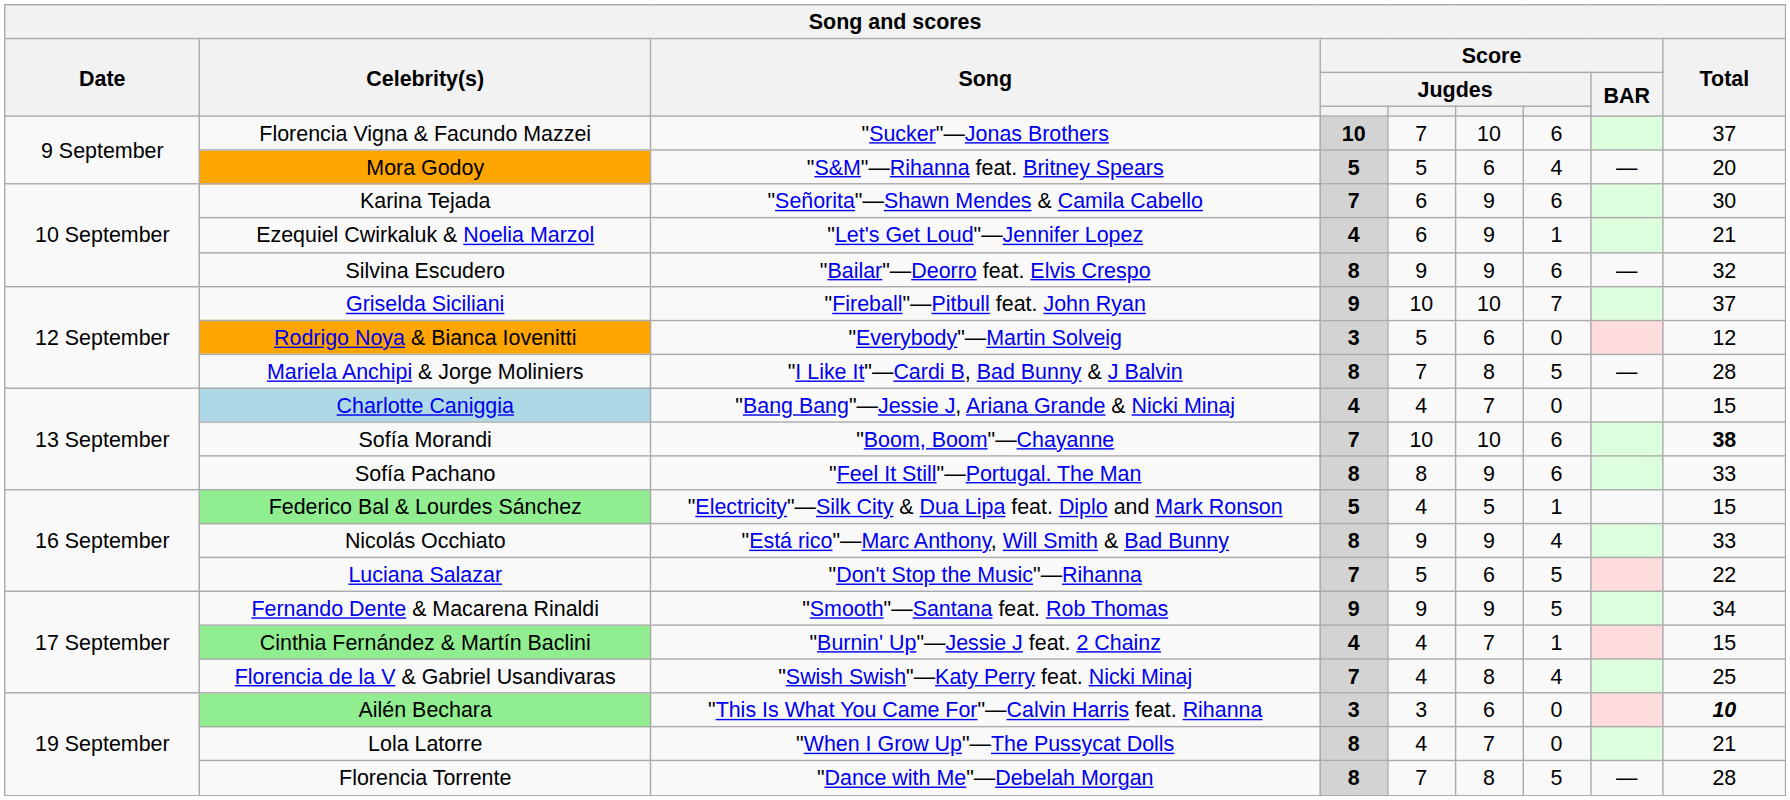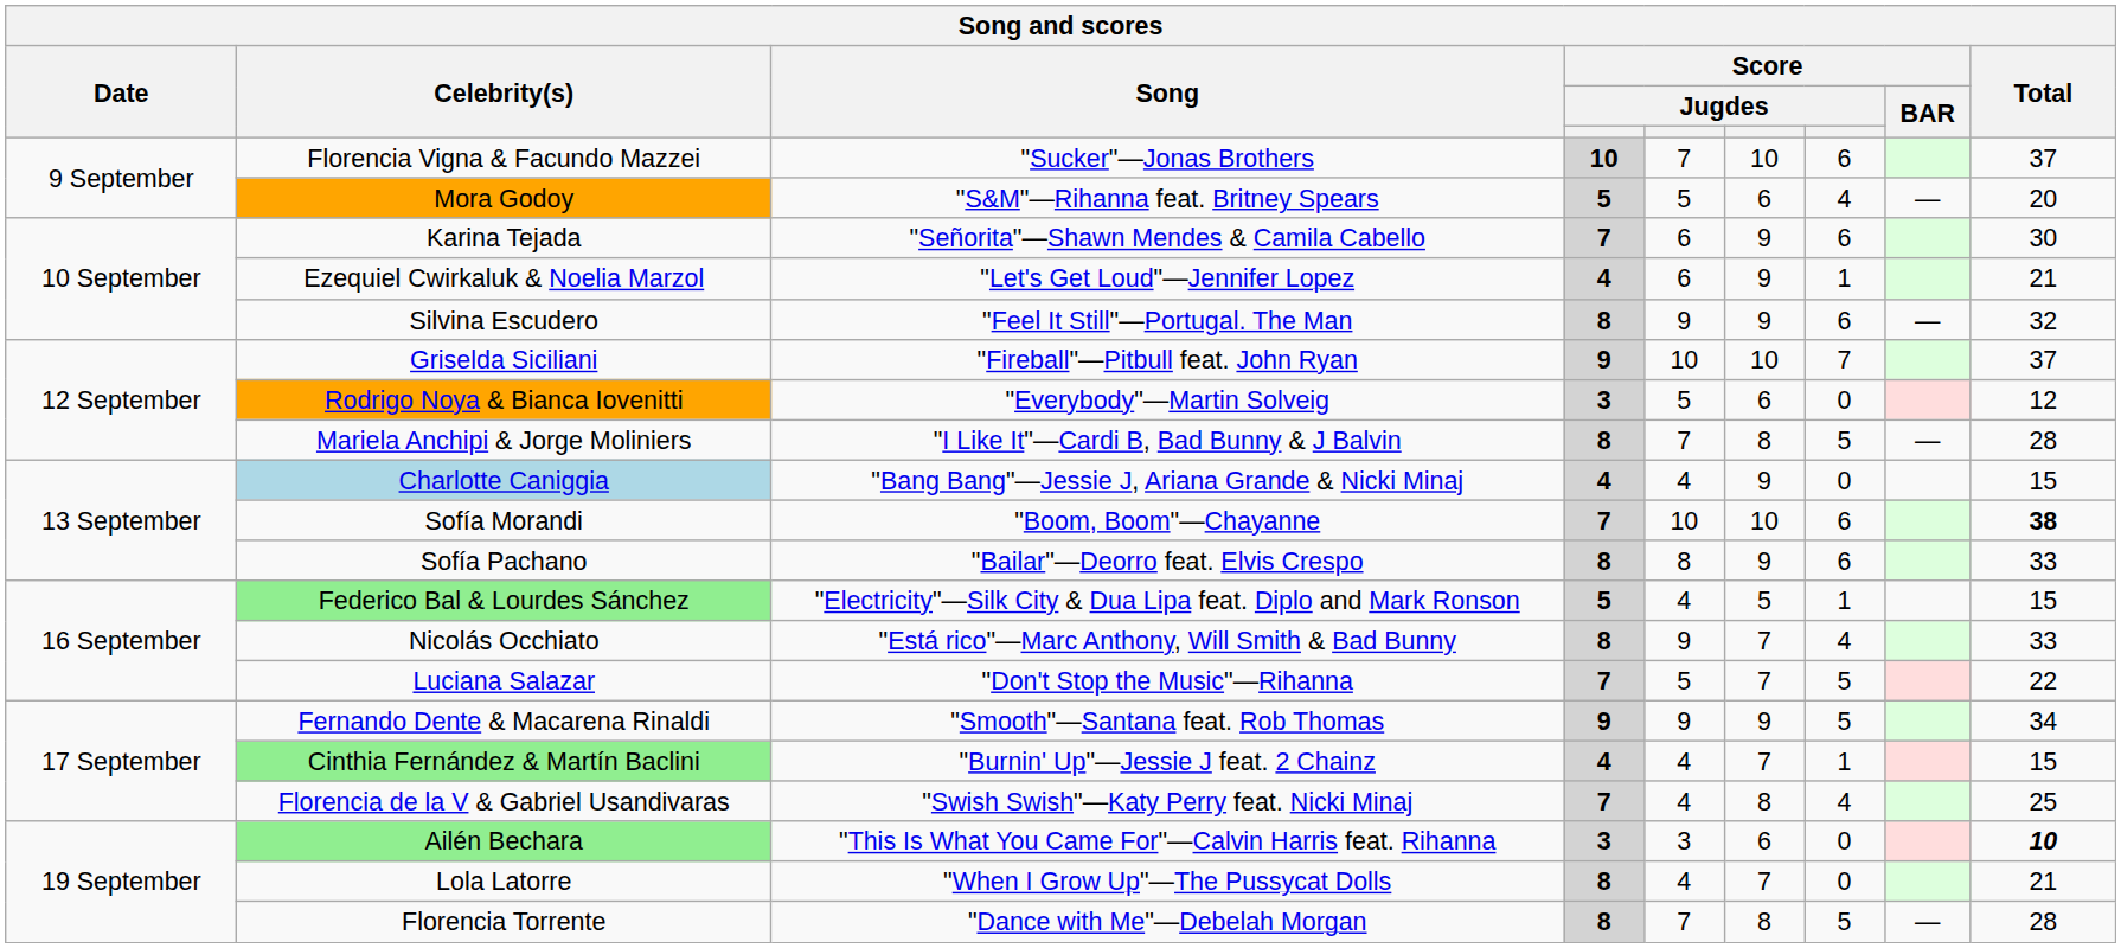 <table class="wikitable collapsible collapsed" style="font-size:95%; text-align: center; width: 100%;">
 <tr>
 <th colspan="11" style="with: 100%;" align=center>Song and scores</th>
 </tr>
 <tr>
 <th rowspan="3" width=100>Date</th>
 <th rowspan="3" width=240>Celebrity(s)</th>
 <th rowspan="3" width=360>Song</th>
 <th colspan="5">Score</th>
 <th rowspan="3" width=60>Total</th>
 </tr>
 <tr>
 <th colspan="4">Jugdes</th>
 <th rowspan="2" width=30>BAR<br></th>
 </tr>
 <tr>
 <th width=30></th>
 <th width=30></th>
 <th width=30></th>
 <th width=30></th>
 </tr>
 <tr>
 <td rowspan="2">9 September</td>
 <td bgcolor="">Florencia Vigna & Facundo Mazzei</td>
 <td>"<a href='#'>Sucker</a>"—<a href='#'>Jonas Brothers</a></td>
 <td bgcolor="lightgrey"><strong>10</strong></td>
 <td>7</td>
 <td>10</td>
 <td>6</td>
 <td bgcolor="#ddffdd"></td>
 <td>37</td>
 </tr>
 <tr>
 <td bgcolor="orange">Mora Godoy</td>
 <td>"<a href='#'>S&M</a>"—<a href='#'>Rihanna</a> feat. <a href='#'>Britney Spears</a></td>
 <td bgcolor="lightgrey"><strong>5</strong></td>
 <td>5</td>
 <td>6</td>
 <td>4</td>
 <td>—</td>
 <td>20</td>
 </tr>
 <tr>
 <td rowspan="3">10 September</td>
 <td bgcolor="">Karina Tejada</td>
 <td>"<a href='#'>Señorita</a>"—<a href='#'>Shawn Mendes</a> & <a href='#'>Camila Cabello</a></td>
 <td bgcolor="lightgrey"><strong>7</strong></td>
 <td>6</td>
 <td>9</td>
 <td>6</td>
 <td bgcolor="#ddffdd"></td>
 <td>30</td>
 </tr>
 <tr>
 <td bgcolor="">Ezequiel Cwirkaluk & <a href='#'>Noelia Marzol</a></td>
 <td>"<a href='#'>Let's Get Loud</a>"—<a href='#'>Jennifer Lopez</a></td>
 <td bgcolor="lightgrey"><strong>4</strong></td>
 <td>6</td>
 <td>9</td>
 <td>1</td>
 <td bgcolor="#ddffdd"></td>
 <td>21</td>
 </tr>
 <tr>
 <td bgcolor="">Silvina Escudero</td>
-<td>"<a href='#'>Bailar</a>"—<a href='#'>Deorro</a> feat. <a href='#'>Elvis Crespo</a></td>
+<td>"<a href='#'>Feel It Still</a>"—<a href='#'>Portugal. The Man</a></td>
 <td bgcolor="lightgrey"><strong>8</strong></td>
 <td>9</td>
 <td>9</td>
 <td>6</td>
 <td>—</td>
 <td>32</td>
 </tr>
 <tr>
 <td rowspan="3">12 September</td>
 <td bgcolor=""><a href='#'>Griselda Siciliani</a></td>
 <td>"<a href='#'>Fireball</a>"—<a href='#'>Pitbull</a> feat. <a href='#'>John Ryan</a></td>
 <td bgcolor="lightgrey"><strong>9</strong></td>
 <td>10</td>
 <td>10</td>
 <td>7</td>
 <td bgcolor="#ddffdd"></td>
 <td>37</td>
 </tr>
 <tr>
 <td bgcolor="orange"><a href='#'>Rodrigo Noya</a> & Bianca Iovenitti</td>
 <td>"<a href='#'>Everybody</a>"—<a href='#'>Martin Solveig</a></td>
 <td bgcolor="lightgrey"><strong>3</strong></td>
 <td>5</td>
 <td>6</td>
 <td>0</td>
 <td bgcolor="#ffdddd"></td>
 <td>12</td>
 </tr>
 <tr>
 <td bgcolor=""><a href='#'>Mariela Anchipi</a> & Jorge Moliniers</td>
 <td>"<a href='#'>I Like It</a>"—<a href='#'>Cardi B</a>, <a href='#'>Bad Bunny</a> & <a href='#'>J Balvin</a></td>
 <td bgcolor="lightgrey"><strong>8</strong></td>
 <td>7</td>
 <td>8</td>
 <td>5</td>
 <td>—</td>
 <td>28</td>
 </tr>
 <tr>
 <td rowspan="3">13 September</td>
 <td bgcolor="lightblue"><a href='#'>Charlotte Caniggia</a></td>
 <td>"<a href='#'>Bang Bang</a>"—<a href='#'>Jessie J</a>, <a href='#'>Ariana Grande</a> & <a href='#'>Nicki Minaj</a></td>
 <td bgcolor="lightgrey"><strong>4</strong></td>
 <td>4</td>
-<td>7</td>
+<td>9</td>
 <td>0</td>
 <td></td>
 <td>15</td>
 </tr>
 <tr>
 <td bgcolor="">Sofía Morandi</td>
 <td>"<a href='#'>Boom, Boom</a>"—<a href='#'>Chayanne</a></td>
 <td bgcolor="lightgrey"><strong>7</strong></td>
 <td>10</td>
 <td>10</td>
 <td>6</td>
 <td bgcolor="#ddffdd"></td>
 <td><span><strong>38</strong></span></td>
 </tr>
 <tr>
 <td bgcolor="">Sofía Pachano</td>
-<td>"<a href='#'>Feel It Still</a>"—<a href='#'>Portugal. The Man</a></td>
+<td>"<a href='#'>Bailar</a>"—<a href='#'>Deorro</a> feat. <a href='#'>Elvis Crespo</a></td>
 <td bgcolor="lightgrey"><strong>8</strong></td>
 <td>8</td>
 <td>9</td>
 <td>6</td>
 <td bgcolor="#ddffdd"></td>
 <td>33</td>
 </tr>
 <tr>
 <td rowspan="3">16 September</td>
 <td bgcolor="lightgreen">Federico Bal & Lourdes Sánchez</td>
 <td>"<a href='#'>Electricity</a>"—<a href='#'>Silk City</a> & <a href='#'>Dua Lipa</a> feat. <a href='#'>Diplo</a> and <a href='#'>Mark Ronson</a></td>
 <td bgcolor="lightgrey"><strong>5</strong></td>
 <td>4</td>
 <td>5</td>
 <td>1</td>
 <td></td>
 <td>15</td>
 </tr>
 <tr>
 <td bgcolor="">Nicolás Occhiato</td>
 <td>"<a href='#'>Está rico</a>"—<a href='#'>Marc Anthony</a>, <a href='#'>Will Smith</a> & <a href='#'>Bad Bunny</a></td>
 <td bgcolor="lightgrey"><strong>8</strong></td>
 <td>9</td>
-<td>9</td>
+<td>7</td>
 <td>4</td>
 <td bgcolor="#ddffdd"></td>
 <td>33</td>
 </tr>
 <tr>
 <td bgcolor=""><a href='#'>Luciana Salazar</a></td>
 <td>"<a href='#'>Don't Stop the Music</a>"—<a href='#'>Rihanna</a></td>
 <td bgcolor="lightgrey"><strong>7</strong></td>
 <td>5</td>
-<td>6</td>
+<td>7</td>
 <td>5</td>
 <td bgcolor="#ffdddd"></td>
 <td>22</td>
 </tr>
 <tr>
 <td rowspan="3">17 September</td>
 <td bgcolor=""><a href='#'>Fernando Dente</a> & Macarena Rinaldi</td>
 <td>"<a href='#'>Smooth</a>"—<a href='#'>Santana</a> feat. <a href='#'>Rob Thomas</a></td>
 <td bgcolor="lightgrey"><strong>9</strong></td>
 <td>9</td>
 <td>9</td>
 <td>5</td>
 <td bgcolor="#ddffdd"></td>
 <td>34</td>
 </tr>
 <tr>
 <td bgcolor="lightgreen">Cinthia Fernández & Martín Baclini</td>
 <td>"<a href='#'>Burnin' Up</a>"—<a href='#'>Jessie J</a> feat. <a href='#'>2 Chainz</a></td>
 <td bgcolor="lightgrey"><strong>4</strong></td>
 <td>4</td>
 <td>7</td>
 <td>1</td>
 <td bgcolor="#ffdddd"></td>
 <td>15</td>
 </tr>
 <tr>
 <td bgcolor=""><a href='#'>Florencia de la V</a> & Gabriel Usandivaras</td>
 <td>"<a href='#'>Swish Swish</a>"—<a href='#'>Katy Perry</a> feat. <a href='#'>Nicki Minaj</a></td>
 <td bgcolor="lightgrey"><strong>7</strong></td>
 <td>4</td>
 <td>8</td>
 <td>4</td>
 <td bgcolor="#ddffdd"></td>
 <td>25</td>
 </tr>
 <tr>
 <td rowspan="3">19 September</td>
 <td bgcolor="lightgreen">Ailén Bechara</td>
 <td>"<a href='#'>This Is What You Came For</a>"—<a href='#'>Calvin Harris</a> feat. <a href='#'>Rihanna</a></td>
 <td bgcolor="lightgrey"><strong>3</strong></td>
 <td>3</td>
 <td>6</td>
 <td>0</td>
 <td bgcolor="#ffdddd"></td>
 <td><span><strong><em>10</em></strong></span></td>
 </tr>
 <tr>
 <td bgcolor="">Lola Latorre</td>
 <td>"<a href='#'>When I Grow Up</a>"—<a href='#'>The Pussycat Dolls</a></td>
 <td bgcolor="lightgrey"><strong>8</strong></td>
 <td>4</td>
 <td>7</td>
 <td>0</td>
 <td bgcolor="#ddffdd"></td>
 <td>21</td>
 </tr>
 <tr>
 <td bgcolor="">Florencia Torrente</td>
 <td>"<a href='#'>Dance with Me</a>"—<a href='#'>Debelah Morgan</a></td>
 <td bgcolor="lightgrey"><strong>8</strong></td>
 <td>7</td>
 <td>8</td>
 <td>5</td>
 <td>—</td>
 <td>28</td>
 </tr>
 </table>
